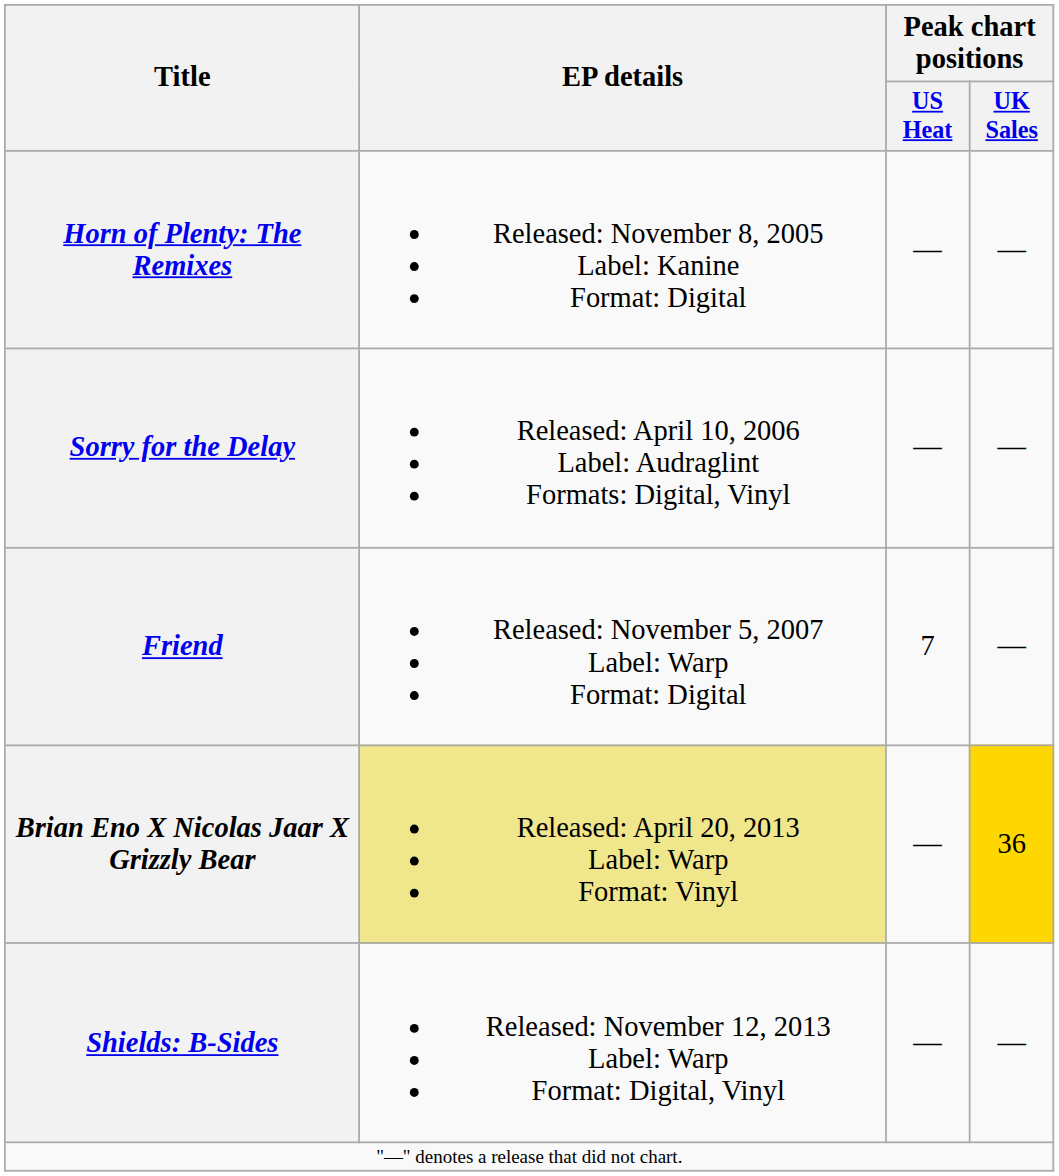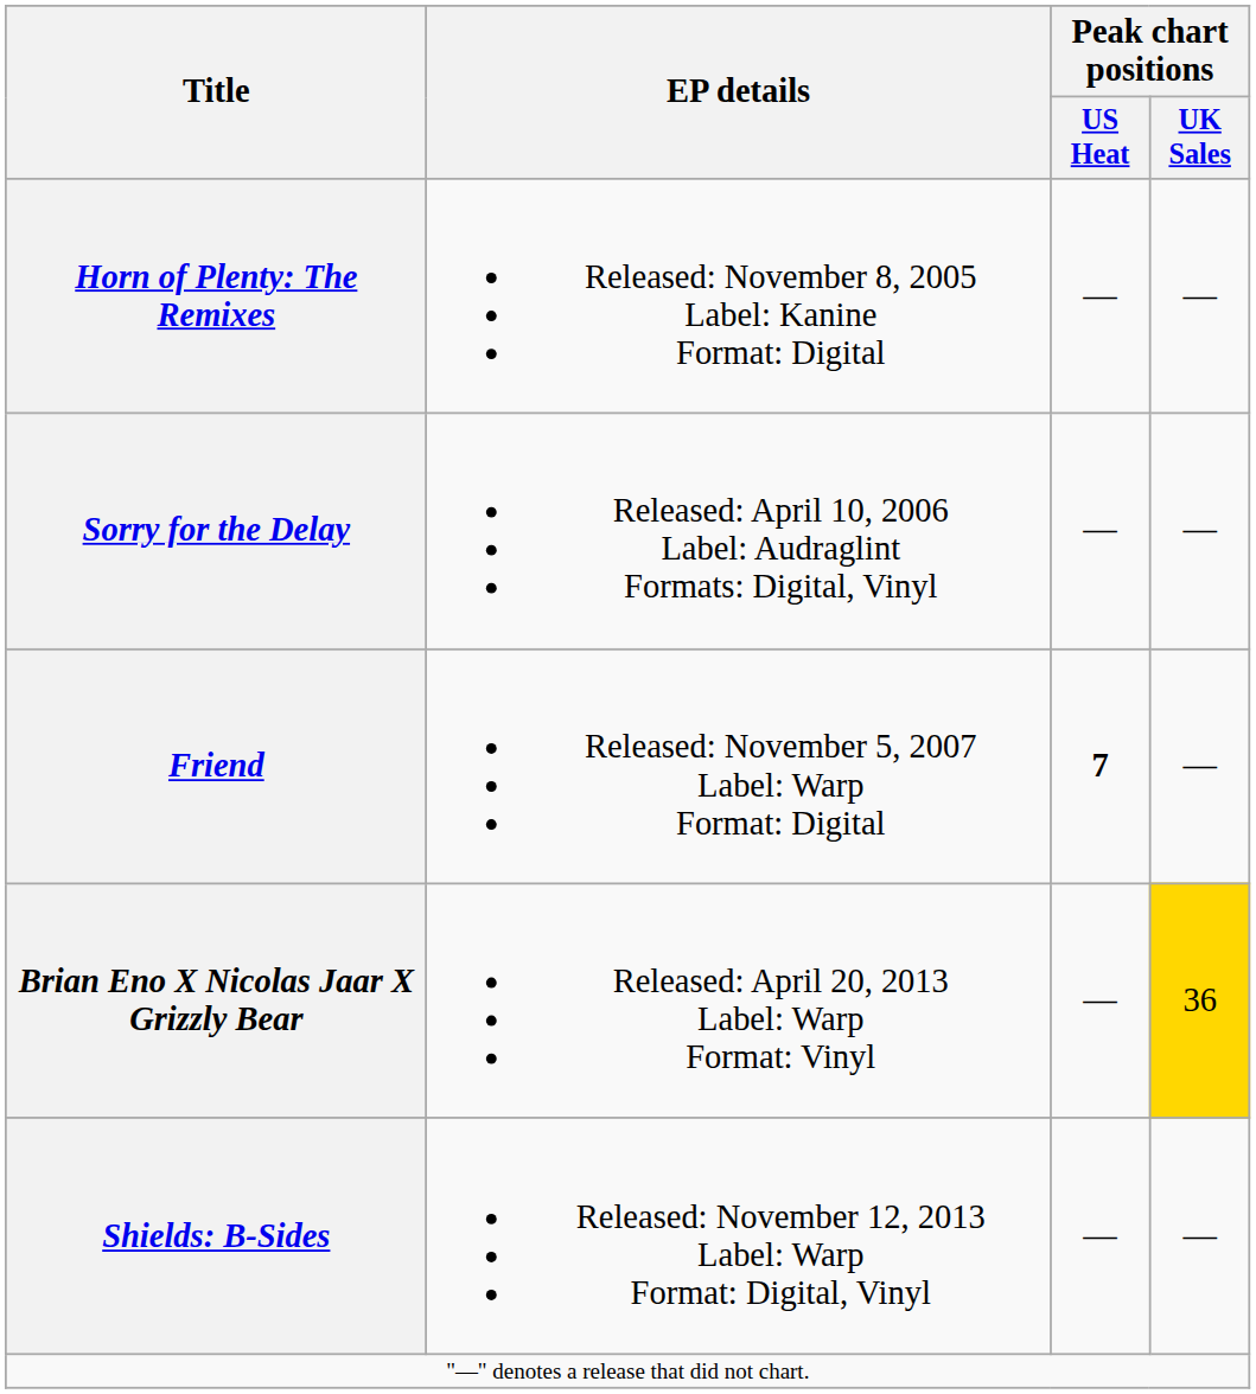 <table class="wikitable plainrowheaders" style="text-align:center;">
 <tr>
 <th scope="col" rowspan="2" style="width:12em;">Title</th>
 <th scope="col" rowspan="2" style="width:18em;">EP details</th>
 <th scope="col" colspan="2">Peak chart positions</th>
 </tr>
 <tr>
 <th style="width:3em;font-size:85%"><a href='#'>US<br>Heat</a><br></th>
 <th style="width:3em;font-size:85%"><a href='#'>UK<br>Sales</a><br></th>
 </tr>
 <tr>
 <th scope="row"><em><a href='#'>Horn of Plenty: The Remixes</a></em></th>
 <td><br><ul><li>Released: November 8, 2005</li><li>Label: Kanine</li><li>Format: Digital</li></ul></td>
 <td>—</td>
 <td>—</td>
 </tr>
 <tr>
 <th scope="row"><em><a href='#'>Sorry for the Delay</a></em></th>
 <td><br><ul><li>Released: April 10, 2006</li><li>Label: Audraglint</li><li>Formats: Digital, Vinyl</li></ul></td>
 <td>—</td>
 <td>—</td>
 </tr>
 <tr>
 <th scope="row"><em><a href='#'>Friend</a></em></th>
 <td><br><ul><li>Released: November 5, 2007</li><li>Label: Warp</li><li>Format: Digital</li></ul></td>
-<td>7</td>
+<td><strong>7</strong></td>
 <td>—</td>
 </tr>
 <tr>
 <th scope="row"><em>Brian Eno X Nicolas Jaar X Grizzly Bear</em></th>
-<td style="background: khaki;"><br><ul><li>Released: April 20, 2013</li><li>Label: Warp</li><li>Format: Vinyl</li></ul></td>
+<td><br><ul><li>Released: April 20, 2013</li><li>Label: Warp</li><li>Format: Vinyl</li></ul></td>
 <td>—</td>
 <td style="background: gold;">36</td>
 </tr>
 <tr>
 <th scope="row"><em><a href='#'>Shields: B-Sides</a></em></th>
 <td><br><ul><li>Released: November 12, 2013</li><li>Label: Warp</li><li>Format: Digital, Vinyl</li></ul></td>
 <td>—</td>
 <td>—</td>
 </tr>
 <tr>
 <td colspan="16" style="text-align:center; font-size:8pt;">"—" denotes a release that did not chart.</td>
 </tr>
 </table>
